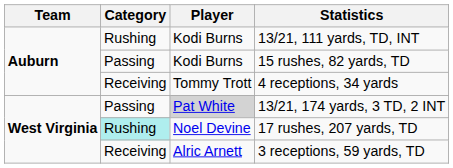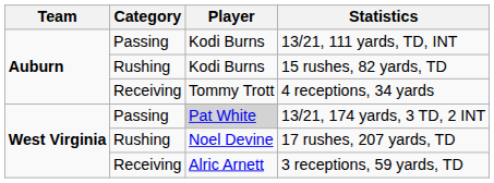 <table class="wikitable" style="float: left;">
 <tr>
 <th>Team</th>
 <th>Category</th>
 <th>Player</th>
 <th>Statistics</th>
 </tr>
 <tr>
 <td rowspan=3><strong>Auburn</strong></td>
-<td>Rushing</td>
+<td>Passing</td>
 <td>Kodi Burns</td>
 <td>13/21, 111 yards, TD, INT</td>
 </tr>
 <tr>
-<td>Passing</td>
+<td>Rushing</td>
 <td>Kodi Burns</td>
 <td>15 rushes, 82 yards, TD</td>
 </tr>
 <tr>
 <td>Receiving</td>
 <td>Tommy Trott</td>
 <td>4 receptions, 34 yards</td>
 </tr>
 <tr>
 <td rowspan=3><strong>West Virginia</strong></td>
 <td>Passing</td>
 <td style="background: lightgrey;"><a href='#'>Pat White</a></td>
 <td>13/21, 174 yards, 3 TD, 2 INT</td>
 </tr>
 <tr>
-<td style="background: paleturquoise;">Rushing</td>
+<td>Rushing</td>
 <td><a href='#'>Noel Devine</a></td>
 <td>17 rushes, 207 yards, TD</td>
 </tr>
 <tr>
 <td>Receiving</td>
 <td><a href='#'>Alric Arnett</a></td>
 <td>3 receptions, 59 yards, TD</td>
 </tr>
 </table>
